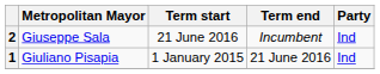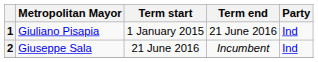 <table class="wikitable">
 <tr>
 <th class=unsortable> </th>
 <th>Metropolitan Mayor</th>
 <th>Term start</th>
 <th>Term end</th>
 <th>Party</th>
 </tr>
 <tr>
+<th style="background:">1</th>
+<td><a href='#'>Giuliano Pisapia</a></td>
+<td align=center>1 January 2015</td>
+<td align=center>21 June 2016</td>
+<td><a href='#'>Ind</a></td>
+</tr>
+<tr>
 <th style="background:">2</th>
 <td><a href='#'>Giuseppe Sala</a></td>
 <td align=center>21 June 2016</td>
 <td align=center><em>Incumbent</em></td>
 <td><a href='#'>Ind</a></td>
 </tr>
 <tr>
-<th style="background:">1</th>
-<td><a href='#'>Giuliano Pisapia</a></td>
-<td align=center>1 January 2015</td>
-<td align=center>21 June 2016</td>
-<td><a href='#'>Ind</a></td>
-</tr>
-<tr>
 </tr>
 </table>
